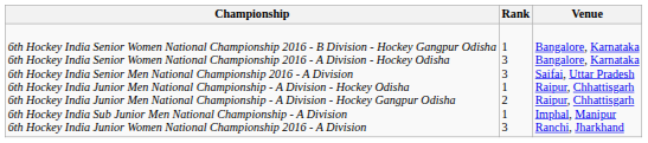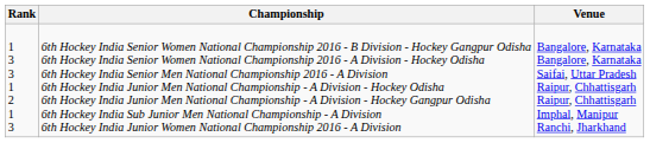 <table class="wikitable" style="text-align: left;">
 <tr>
+<th>Rank</th>
 <th>Championship</th>
-<th>Rank</th>
 <th>Venue</th>
 </tr>
 <tr>
+<td><div><br>1 <br> 3 <br> 3 <br> 1 <br> 2 <br> 1 <br> 3</div></td>
 <td><br><em>6th Hockey India Senior Women National Championship 2016 - B Division - Hockey Gangpur Odisha</em> <br> <em>6th Hockey India Senior Women National Championship 2016 - A Division - Hockey Odisha</em> <br> <em>6th Hockey India Senior Men National Championship 2016 - A Division</em> <br> <em>6th Hockey India Junior Men National Championship - A Division - Hockey Odisha</em> <br>  <em>6th Hockey India Junior Men National Championship - A Division - Hockey Gangpur Odisha</em> <br>  <em>6th Hockey India Sub Junior Men National Championship - A Division</em> <br> <em>6th Hockey India Junior Women National Championship 2016 - A Division</em> <br></td>
-<td><div><br>1 <br> 3 <br> 3 <br> 1 <br> 2 <br> 1 <br> 3</div></td>
 <td><br><a href='#'>Bangalore</a>, <a href='#'>Karnataka</a><br> <a href='#'>Bangalore</a>, <a href='#'>Karnataka</a><br> <a href='#'>Saifai</a>, <a href='#'>Uttar Pradesh</a><br> <a href='#'>Raipur</a>, <a href='#'>Chhattisgarh</a><br> <a href='#'>Raipur</a>, <a href='#'>Chhattisgarh</a><br> <a href='#'>Imphal</a>, <a href='#'>Manipur</a><br> <a href='#'>Ranchi</a>, <a href='#'>Jharkhand</a></td>
 </tr>
 </table>
